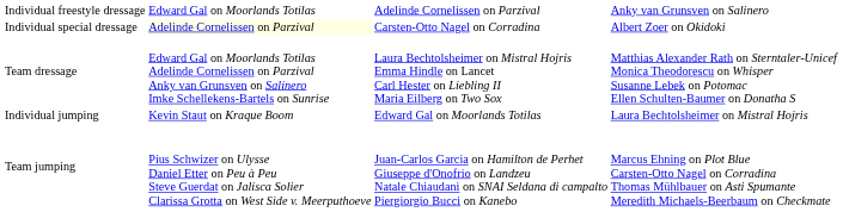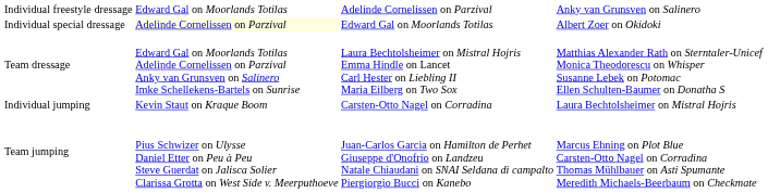 <table>
 <tr>
 <td>Individual freestyle dressage<br></td>
 <td> <a href='#'>Edward Gal</a> on <em>Moorlands Totilas</em></td>
 <td> <a href='#'>Adelinde Cornelissen</a> on <em>Parzival</em></td>
 <td> <a href='#'>Anky van Grunsven</a> on <em>Salinero</em></td>
 </tr>
 <tr>
 <td>Individual special dressage<br></td>
 <td style="background: lightyellow;"> <a href='#'>Adelinde Cornelissen</a> on <em>Parzival</em></td>
-<td> <a href='#'>Carsten-Otto Nagel</a> on <em>Corradina</em></td>
+<td> <a href='#'>Edward Gal</a> on <em>Moorlands Totilas</em></td>
 <td> <a href='#'>Albert Zoer</a> on <em>Okidoki</em></td>
 </tr>
 <tr>
 <td>Team dressage<br></td>
 <td><br><a href='#'>Edward Gal</a> on <em>Moorlands Totilas</em><br><a href='#'>Adelinde Cornelissen</a> on <em>Parzival</em><br><a href='#'>Anky van Grunsven</a> on <em><a href='#'>Salinero</a></em><br><a href='#'>Imke Schellekens-Bartels</a> on <em>Sunrise</em></td>
 <td><br><a href='#'>Laura Bechtolsheimer</a> on <em>Mistral Hojris</em><br><a href='#'>Emma Hindle</a> on Lancet<br><a href='#'>Carl Hester</a> on <em>Liebling II</em><br><a href='#'>Maria Eilberg</a> on <em>Two Sox</em></td>
 <td><br><a href='#'>Matthias Alexander Rath</a> on <em>Sterntaler-Unicef</em><br><a href='#'>Monica Theodorescu</a> on <em>Whisper</em><br><a href='#'>Susanne Lebek</a> on <em>Potomac</em><br><a href='#'>Ellen Schulten-Baumer</a> on <em>Donatha S</em></td>
 </tr>
 <tr>
 <td>Individual jumping<br></td>
 <td> <a href='#'>Kevin Staut</a> on <em>Kraque Boom</em></td>
-<td> <a href='#'>Edward Gal</a> on <em>Moorlands Totilas</em></td>
+<td> <a href='#'>Carsten-Otto Nagel</a> on <em>Corradina</em></td>
 <td> <a href='#'>Laura Bechtolsheimer</a> on <em>Mistral Hojris</em></td>
 </tr>
 <tr>
 <td>Team jumping<br></td>
 <td><br><br><a href='#'>Pius Schwizer</a> on <em>Ulysse</em> <br> <a href='#'>Daniel Etter</a> on <em>Peu à Peu</em> <br> <a href='#'>Steve Guerdat</a> on <em>Jalisca Solier</em> <br> <a href='#'>Clarissa Grotta</a> on <em>West Side v. Meerputhoeve</em></td>
 <td><br><br><a href='#'>Juan-Carlos Garcia</a> on <em>Hamilton de Perhet</em> <br> <a href='#'>Giuseppe d'Onofrio</a> on <em>Landzeu</em> <br> <a href='#'>Natale Chiaudani</a> on <em>SNAI Seldana di campalto</em> <br> <a href='#'>Piergiorgio Bucci</a> on <em>Kanebo</em></td>
 <td><br><br><a href='#'>Marcus Ehning</a> on <em>Plot Blue</em> <br> <a href='#'>Carsten-Otto Nagel</a> on <em>Corradina</em> <br> <a href='#'>Thomas Mühlbauer</a> on <em>Asti Spumante</em> <br> <a href='#'>Meredith Michaels-Beerbaum</a> on <em>Checkmate</em></td>
 </tr>
 </table>
